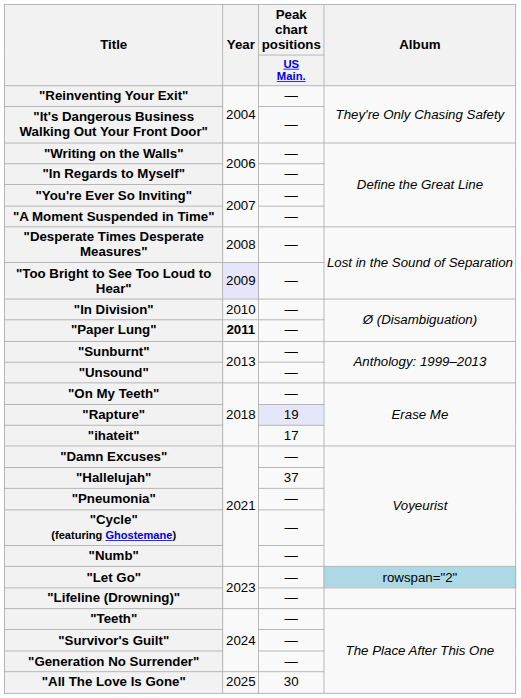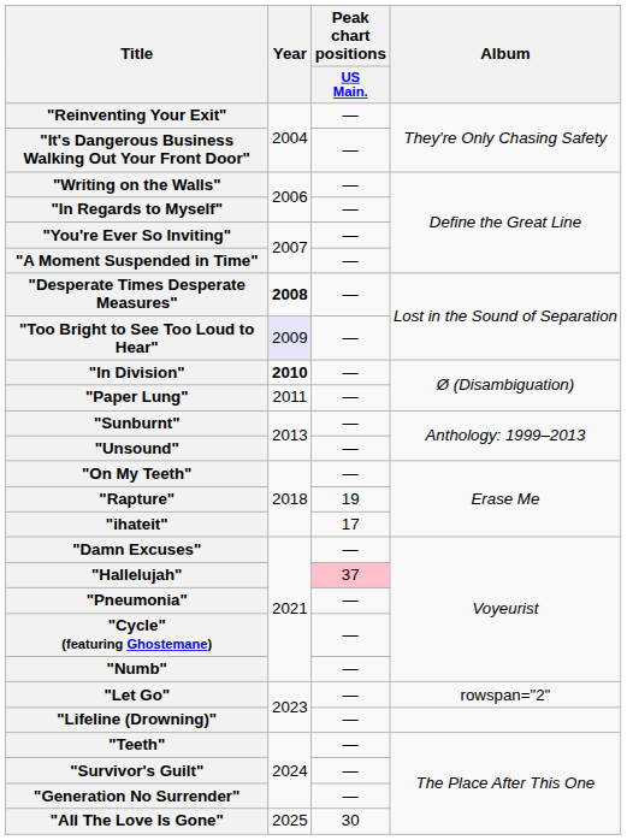 <table class="wikitable plainrowheaders" style="text-align:center;">
 <tr>
 <th scope="col" rowspan="2" style="width:16em;">Title</th>
 <th scope="col" rowspan="2">Year</th>
 <th scope="col" colspan="1">Peak chart positions</th>
 <th scope="col" rowspan="2">Album</th>
 </tr>
 <tr>
 <th scope="col" style="width:3em;font-size:85%"><a href='#'>US<br>Main.</a><br></th>
 </tr>
 <tr>
 <th scope="row">"Reinventing Your Exit"</th>
 <td rowspan="2">2004</td>
 <td>—</td>
 <td rowspan="2"><em>They're Only Chasing Safety</em></td>
 </tr>
 <tr>
 <th scope="row">"It's Dangerous Business Walking Out Your Front Door"</th>
 <td>—</td>
 </tr>
 <tr>
 <th scope="row">"Writing on the Walls"</th>
 <td rowspan="2">2006</td>
 <td>—</td>
 <td rowspan="4"><em>Define the Great Line</em></td>
 </tr>
 <tr>
 <th scope="row">"In Regards to Myself"</th>
 <td>—</td>
 </tr>
 <tr>
 <th scope="row">"You're Ever So Inviting"</th>
 <td rowspan="2">2007</td>
 <td>—</td>
 </tr>
 <tr>
 <th scope="row">"A Moment Suspended in Time"</th>
 <td>—</td>
 </tr>
 <tr>
 <th scope="row">"Desperate Times Desperate Measures"</th>
-<td>2008</td>
+<td><strong>2008</strong></td>
 <td>—</td>
 <td rowspan="2"><em>Lost in the Sound of Separation</em></td>
 </tr>
 <tr>
 <th scope="row">"Too Bright to See Too Loud to Hear"</th>
 <td style="background: lavender;">2009</td>
 <td>—</td>
 </tr>
 <tr>
 <th scope="row">"In Division"</th>
-<td>2010</td>
+<td><strong>2010</strong></td>
 <td>—</td>
 <td rowspan="2"><em>Ø (Disambiguation)</em></td>
 </tr>
 <tr>
 <th scope="row">"Paper Lung"</th>
-<td><strong>2011</strong></td>
+<td>2011</td>
 <td>—</td>
 </tr>
 <tr>
 <th scope="row">"Sunburnt"</th>
 <td rowspan="2">2013</td>
 <td>—</td>
 <td rowspan="2"><em>Anthology: 1999–2013</em></td>
 </tr>
 <tr>
 <th scope="row">"Unsound"</th>
 <td>—</td>
 </tr>
 <tr>
 <th scope="row">"On My Teeth"</th>
 <td rowspan="3">2018</td>
 <td>—</td>
 <td rowspan="3"><em>Erase Me</em></td>
 </tr>
 <tr>
 <th scope="row">"Rapture"</th>
-<td style="background: lavender;">19</td>
+<td>19</td>
 </tr>
 <tr>
 <th scope="row">"ihateit"</th>
 <td>17</td>
 </tr>
 <tr>
 <th scope="row">"Damn Excuses"</th>
 <td rowspan="5">2021</td>
 <td>—</td>
 <td rowspan="5"><em>Voyeurist</em></td>
 </tr>
 <tr>
 <th scope="row">"Hallelujah"</th>
-<td>37</td>
+<td style="background: pink;">37</td>
 </tr>
 <tr>
 <th scope="row">"Pneumonia"</th>
 <td>—</td>
 </tr>
 <tr>
 <th scope="row">"Cycle"<br><small>(featuring <a href='#'>Ghostemane</a>)</small></th>
 <td>—</td>
 </tr>
 <tr>
 <th scope="row">"Numb"</th>
 <td>—</td>
 </tr>
 <tr>
 <th scope="row">"Let Go"</th>
 <td rowspan="2">2023</td>
 <td>—</td>
-<td style="background: lightblue;">rowspan="2" </td>
+<td>rowspan="2" </td>
 </tr>
 <tr>
 <th scope="row">"Lifeline (Drowning)"</th>
 <td>—</td>
 </tr>
 <tr>
 <th scope="row">"Teeth"</th>
 <td rowspan="3">2024</td>
 <td>—</td>
 <td rowspan="4"><em>The Place After This One</em></td>
 </tr>
 <tr>
 <th scope="row">"Survivor's Guilt"</th>
 <td>—</td>
 </tr>
 <tr>
 <th scope="row">"Generation No Surrender"</th>
 <td>—</td>
 </tr>
 <tr>
 <th scope="row">"All The Love Is Gone"</th>
 <td>2025</td>
 <td>30</td>
 </tr>
 </table>
